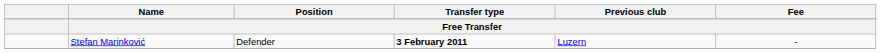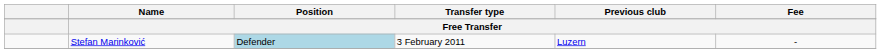 <table class="wikitable" style="width:100%; font-size:85%;">
 <tr>
 <th width="2%"></th>
 <th width="5%">Name</th>
 <th width="5%">Position</th>
 <th width="5%">Transfer type</th>
 <th width="5%">Previous club</th>
 <th width="5%">Fee</th>
 </tr>
 <tr>
 </tr>
 <tr>
 <th></th>
 <th colspan="5" align="center">Free Transfer</th>
 </tr>
 <tr>
 <td align=center></td>
 <td align=left> <a href='#'>Stefan Marinković</a></td>
-<td align=left>Defender</td>
-<td align=left><strong>3 February 2011</strong></td>
+<td align=left style="background: lightblue;">Defender</td>
+<td align=left>3 February 2011</td>
 <td align=left> <a href='#'>Luzern</a></td>
 <td align=center>-</td>
 </tr>
 <tr>
 </tr>
 </table>
